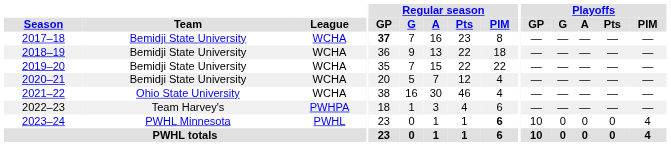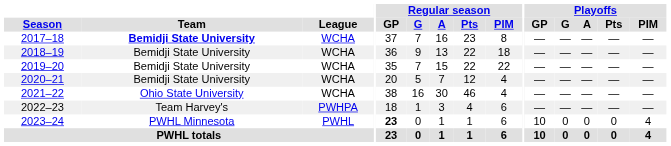 <table border="0" cellpadding="1" cellspacing="0" style="text-align:center; width:60em">
 <tr bgcolor="#e0e0e0">
 <th colspan="3" bgcolor="#ffffff"></th>
 <th rowspan="97" bgcolor="#ffffff"></th>
 <th colspan="5"><a href='#'>Regular season</a></th>
 <th rowspan="97" bgcolor="#ffffff"></th>
 <th colspan="5"><a href='#'>Playoffs</a></th>
 </tr>
 <tr bgcolor="#e0e0e0">
 <th><a href='#'>Season</a></th>
 <th>Team</th>
 <th>League</th>
 <th>GP</th>
 <th><a href='#'>G</a></th>
 <th><a href='#'>A</a></th>
 <th><a href='#'>Pts</a></th>
 <th><a href='#'>PIM</a></th>
 <th>GP</th>
 <th>G</th>
 <th>A</th>
 <th>Pts</th>
 <th>PIM</th>
 </tr>
 <tr>
 <td><a href='#'>2017–18</a></td>
-<td><a href='#'>Bemidji State University</a></td>
+<td><strong><a href='#'>Bemidji State University</a></strong></td>
 <td><a href='#'>WCHA</a></td>
-<td><strong>37</strong></td>
+<td>37</td>
 <td>7</td>
 <td>16</td>
 <td>23</td>
 <td>8</td>
 <td>—</td>
 <td>—</td>
 <td>—</td>
 <td>—</td>
 <td>—</td>
 </tr>
 <tr bgcolor="#f0f0f0">
 <td><a href='#'>2018–19</a></td>
 <td>Bemidji State University</td>
 <td>WCHA</td>
 <td>36</td>
 <td>9</td>
 <td>13</td>
 <td>22</td>
 <td>18</td>
 <td>—</td>
 <td>—</td>
 <td>—</td>
 <td>—</td>
 <td>—</td>
 </tr>
 <tr>
 <td><a href='#'>2019–20</a></td>
 <td>Bemidji State University</td>
 <td>WCHA</td>
 <td>35</td>
 <td>7</td>
 <td>15</td>
 <td>22</td>
 <td>22</td>
 <td>—</td>
 <td>—</td>
 <td>—</td>
 <td>—</td>
 <td>—</td>
 </tr>
 <tr bgcolor="#f0f0f0">
 <td><a href='#'>2020–21</a></td>
 <td>Bemidji State University</td>
 <td>WCHA</td>
 <td>20</td>
 <td>5</td>
 <td>7</td>
 <td>12</td>
 <td>4</td>
 <td>—</td>
 <td>—</td>
 <td>—</td>
 <td>—</td>
 <td>—</td>
 </tr>
 <tr>
 <td><a href='#'>2021–22</a></td>
 <td><a href='#'>Ohio State University</a></td>
 <td>WCHA</td>
 <td>38</td>
 <td>16</td>
 <td>30</td>
 <td>46</td>
 <td>4</td>
 <td>—</td>
 <td>—</td>
 <td>—</td>
 <td>—</td>
 <td>—</td>
 </tr>
 <tr bgcolor="#f0f0f0">
 <td>2022–23</td>
 <td>Team Harvey's</td>
 <td><a href='#'>PWHPA</a></td>
 <td>18</td>
 <td>1</td>
 <td>3</td>
 <td>4</td>
 <td>6</td>
 <td>—</td>
 <td>—</td>
 <td>—</td>
 <td>—</td>
 <td>—</td>
 </tr>
 <tr>
 <td><a href='#'>2023–24</a></td>
 <td><a href='#'>PWHL Minnesota</a></td>
 <td><a href='#'>PWHL</a></td>
-<td>23</td>
+<td><strong>23</strong></td>
 <td>0</td>
 <td>1</td>
 <td>1</td>
-<td><strong>6</strong></td>
+<td>6</td>
 <td>10</td>
 <td>0</td>
 <td>0</td>
 <td>0</td>
 <td>4</td>
 </tr>
 <tr bgcolor="#e0e0e0">
 <th colspan="3">PWHL totals</th>
 <th>23</th>
 <th>0</th>
 <th>1</th>
 <th>1</th>
 <th>6</th>
 <th>10</th>
 <th>0</th>
 <th>0</th>
 <th>0</th>
 <th>4</th>
 </tr>
 </table>
